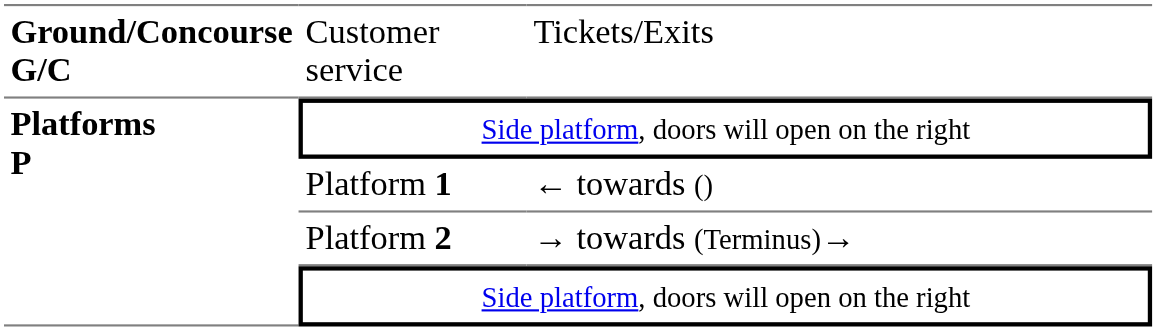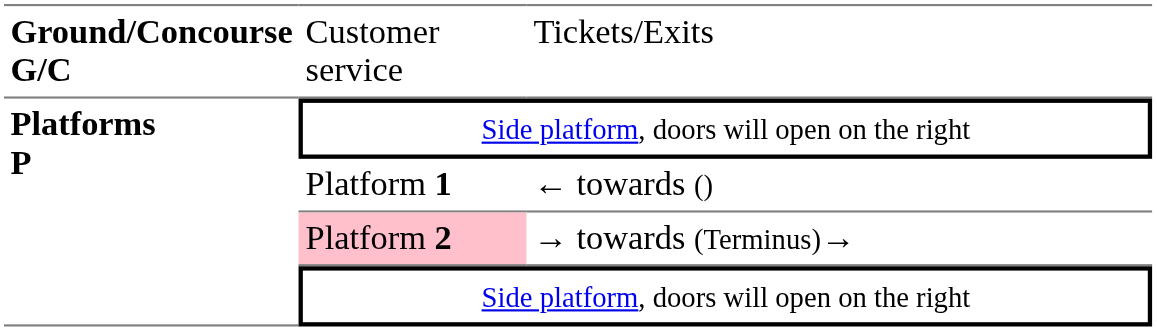 <table table border=0 cellspacing=0 cellpadding=3>
 <tr>
 <td style="border-bottom:solid 1px gray;border-top:solid 1px gray;" width=50 valign=top><strong>Ground/Concourse<br>G/C</strong></td>
 <td style="border-top:solid 1px gray;border-bottom:solid 1px gray;" width=100 valign=top>Customer service</td>
 <td style="border-top:solid 1px gray;border-bottom:solid 1px gray;" width=285 valign=top>Tickets/Exits</td>
 </tr>
 <tr>
 <td style="border-bottom:solid 1px gray;" rowspan=4 valign=top><strong>Platforms<br>P</strong></td>
 <td style="border-top:solid 2px black;border-right:solid 2px black;border-left:solid 2px black;border-bottom:solid 2px black;text-align:center;" colspan=2><small><a href='#'>Side platform</a>, doors will open on the right</small></td>
 </tr>
 <tr>
 <td style="border-bottom:solid 1px gray;">Platform <span><strong>1</strong></span></td>
 <td style="border-bottom:solid 1px gray;">←  towards  <small>()</small></td>
 </tr>
 <tr>
-<td style="border-bottom:solid 1px gray;">Platform <span><strong>2</strong></span></td>
+<td style="background: pink; border-bottom:solid 1px gray;">Platform <span><strong>2</strong></span></td>
 <td style="border-bottom:solid 1px gray;"><span>→</span>  towards  <small>(Terminus)</small>→</td>
 </tr>
 <tr>
 <td style="border-top:solid 2px black;border-left:solid 2px black;border-right:solid 2px black;border-bottom:solid 2px black;text-align:center;" colspan=2><small><a href='#'>Side platform</a>, doors will open on the right</small></td>
 </tr>
 </table>
